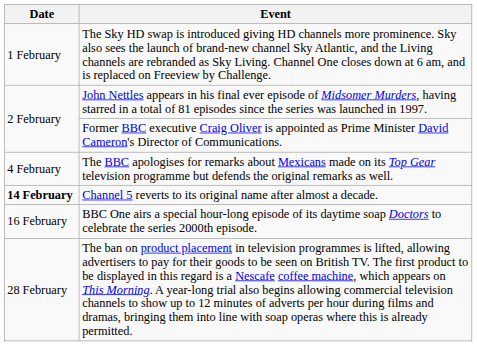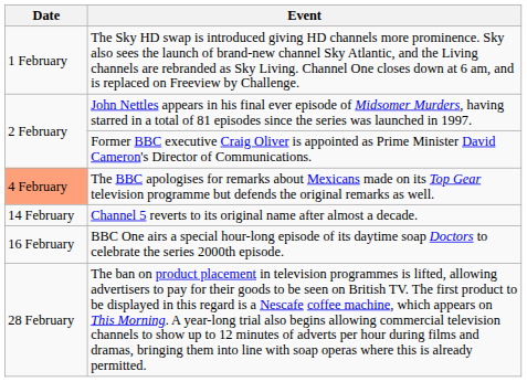 <table class="wikitable">
 <tr>
 <th width=90>Date</th>
 <th>Event</th>
 </tr>
 <tr>
 <td>1 February</td>
 <td>The Sky HD swap is introduced giving HD channels more prominence. Sky also sees the launch of brand-new channel Sky Atlantic, and the Living channels are rebranded as Sky Living. Channel One closes down at 6 am, and is replaced on Freeview by Challenge.</td>
 </tr>
 <tr>
 <td rowspan=2>2 February</td>
 <td><a href='#'>John Nettles</a> appears in his final ever episode of <em><a href='#'>Midsomer Murders</a></em>, having starred in a total of 81 episodes since the series was launched in 1997.</td>
 </tr>
 <tr>
 <td>Former <a href='#'>BBC</a> executive <a href='#'>Craig Oliver</a> is appointed as Prime Minister <a href='#'>David Cameron</a>'s Director of Communications.</td>
 </tr>
 <tr>
-<td>4 February</td>
+<td style="background: lightsalmon;">4 February</td>
 <td>The <a href='#'>BBC</a> apologises for remarks about <a href='#'>Mexicans</a> made on its <em><a href='#'>Top Gear</a></em> television programme but defends the original remarks as well.</td>
 </tr>
 <tr>
-<td><strong>14 February</strong></td>
+<td>14 February</td>
 <td><a href='#'>Channel 5</a> reverts to its original name after almost a decade.</td>
 </tr>
 <tr>
 <td>16 February</td>
 <td>BBC One airs a special hour-long episode of its daytime soap <em><a href='#'>Doctors</a></em> to celebrate the series 2000th episode.</td>
 </tr>
 <tr>
 <td>28 February</td>
 <td>The ban on <a href='#'>product placement</a> in television programmes is lifted, allowing advertisers to pay for their goods to be seen on British TV. The first product to be displayed in this regard is a <a href='#'>Nescafe</a> <a href='#'>coffee machine</a>, which appears on <em><a href='#'>This Morning</a></em>. A year-long trial also begins allowing commercial television channels to show up to 12 minutes of adverts per hour during films and dramas, bringing them into line with soap operas where this is already permitted.</td>
 </tr>
 </table>
